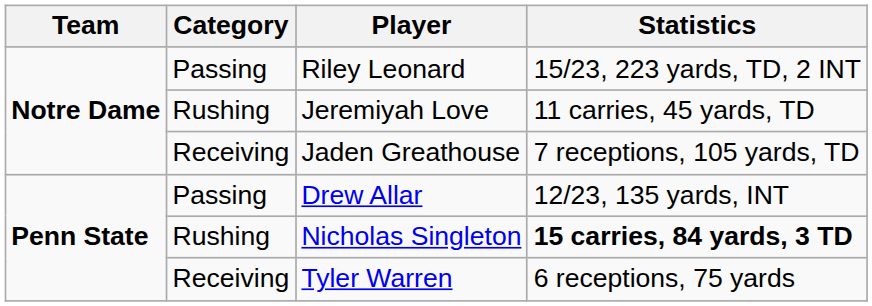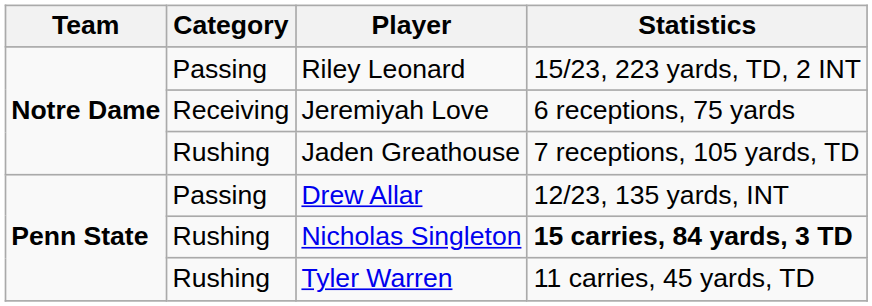 <table class="wikitable" style="float: right;">
 <tr>
 <th>Team</th>
 <th>Category</th>
 <th>Player</th>
 <th>Statistics</th>
 </tr>
 <tr>
 <td rowspan=3><strong>Notre Dame</strong></td>
 <td>Passing</td>
 <td>Riley Leonard</td>
 <td>15/23, 223 yards, TD, 2 INT</td>
 </tr>
 <tr>
-<td>Rushing</td>
+<td>Receiving</td>
 <td>Jeremiyah Love</td>
-<td>11 carries, 45 yards, TD</td>
+<td>6 receptions, 75 yards</td>
 </tr>
 <tr>
-<td>Receiving</td>
+<td>Rushing</td>
 <td>Jaden Greathouse</td>
 <td>7 receptions, 105 yards, TD</td>
 </tr>
 <tr>
 <td rowspan=3><strong>Penn State</strong></td>
 <td>Passing</td>
 <td><a href='#'>Drew Allar</a></td>
 <td>12/23, 135 yards, INT</td>
 </tr>
 <tr>
 <td>Rushing</td>
 <td><a href='#'>Nicholas Singleton</a></td>
 <td><strong>15 carries, 84 yards, 3 TD</strong></td>
 </tr>
 <tr>
-<td>Receiving</td>
+<td>Rushing</td>
 <td><a href='#'>Tyler Warren</a></td>
-<td>6 receptions, 75 yards</td>
+<td>11 carries, 45 yards, TD</td>
 </tr>
 </table>
